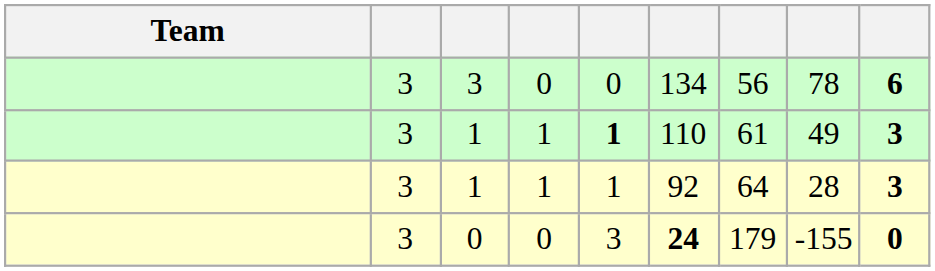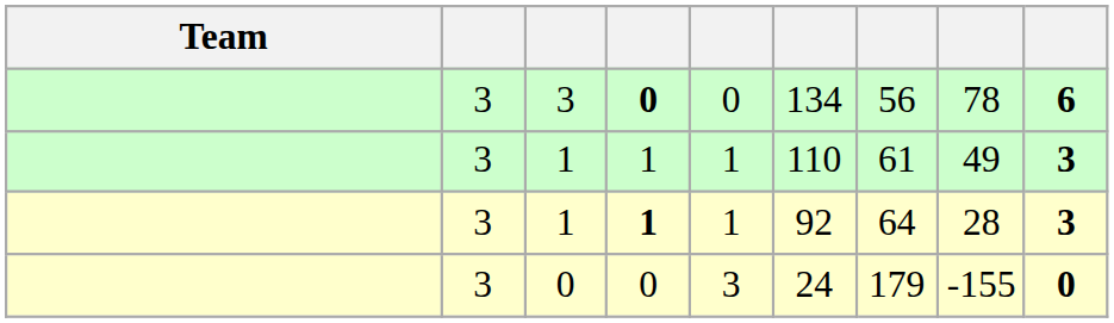 <table class="wikitable" style="text-align: center; font-size:90% ">
 <tr>
 <th width=160>Team</th>
 <th width=25></th>
 <th width=25></th>
 <th width=25></th>
 <th width=25></th>
 <th width=25></th>
 <th width=25></th>
 <th width=25></th>
 <th width=25></th>
 </tr>
 <tr bgcolor=ccffcc>
 <td align=left></td>
 <td>3</td>
 <td>3</td>
-<td>0</td>
+<td><strong>0</strong></td>
 <td>0</td>
 <td>134</td>
 <td>56</td>
 <td>78</td>
 <td><strong>6</strong></td>
 </tr>
 <tr bgcolor=ccffcc>
 <td align=left></td>
 <td>3</td>
 <td>1</td>
 <td>1</td>
-<td><strong>1</strong></td>
+<td>1</td>
 <td>110</td>
 <td>61</td>
 <td>49</td>
 <td><strong>3</strong></td>
 </tr>
 <tr bgcolor=ffffcc>
 <td align=left></td>
 <td>3</td>
 <td>1</td>
-<td>1</td>
+<td><strong>1</strong></td>
 <td>1</td>
 <td>92</td>
 <td>64</td>
 <td>28</td>
 <td><strong>3</strong></td>
 </tr>
 <tr bgcolor=ffffcc>
 <td align=left></td>
 <td>3</td>
 <td>0</td>
 <td>0</td>
 <td>3</td>
-<td><strong>24</strong></td>
+<td>24</td>
 <td>179</td>
 <td>-155</td>
 <td><strong>0</strong></td>
 </tr>
 </table>
